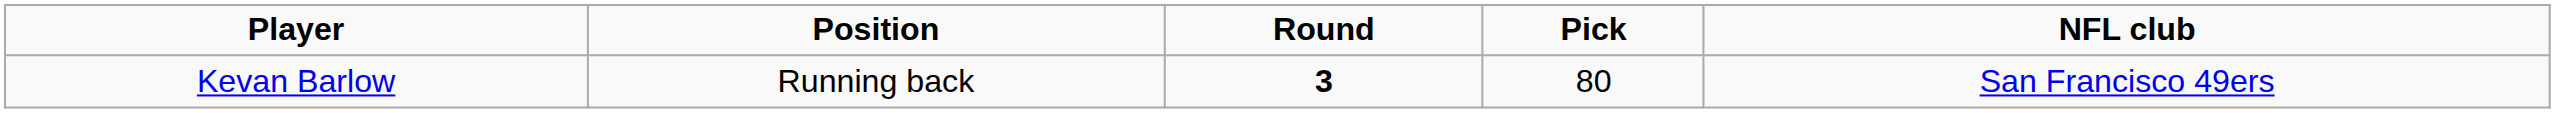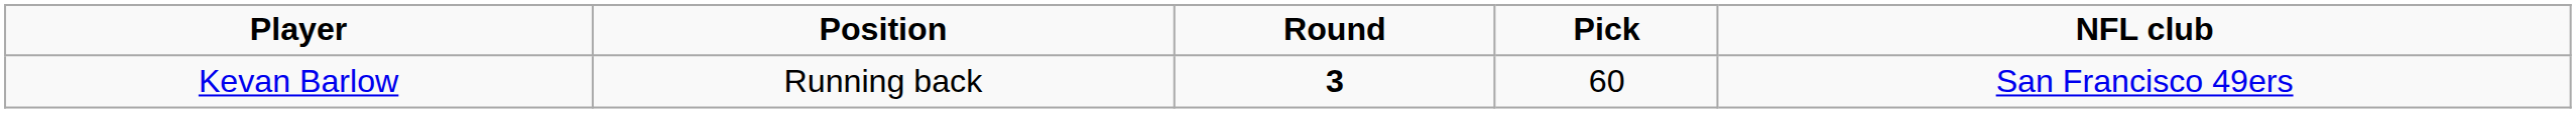 <table class="wikitable" style="width:80%;">
 <tr style="text-align:center; ">
 <td><strong>Player</strong></td>
 <td><strong>Position</strong></td>
 <td><strong>Round</strong></td>
 <td><strong>Pick</strong></td>
 <td><strong>NFL club</strong></td>
 </tr>
 <tr align="center" bgcolor="">
 <td><a href='#'>Kevan Barlow</a></td>
 <td>Running back</td>
 <td><strong>3</strong></td>
-<td>80</td>
+<td>60</td>
 <td><a href='#'>San Francisco 49ers</a></td>
 </tr>
 </table>
